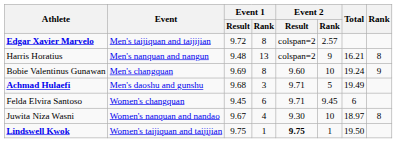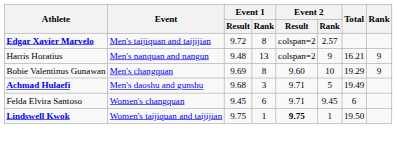 <table class=wikitable style=font-size:90%;text-align:center>
 <tr>
 <th rowspan="2">Athlete</th>
 <th rowspan="2">Event</th>
 <th colspan="2">Event 1</th>
 <th colspan="2">Event 2</th>
 <th rowspan="2">Total</th>
 <th rowspan="2">Rank</th>
 </tr>
 <tr style="font-size:95%">
 <th>Result</th>
 <th>Rank</th>
 <th>Result</th>
 <th>Rank</th>
 </tr>
 <tr>
 <td align=left><strong><a href='#'>Edgar Xavier Marvelo</a></strong></td>
 <td align=left><a href='#'>Men's taijiquan and taijijian</a></td>
 <td>9.72</td>
 <td>8</td>
 <td>colspan=2 </td>
 <td>2.57</td>
 <td></td>
 </tr>
 <tr>
 <td align=left>Harris Horatius</td>
 <td align=left><a href='#'>Men's nanquan and nangun</a></td>
 <td>9.48</td>
 <td>13</td>
 <td>colspan=2 </td>
 <td>9</td>
 <td>16.21</td>
-<td>8</td>
+<td>9</td>
 </tr>
 <tr>
 <td align=left>Bobie Valentinus Gunawan</td>
 <td align=left><a href='#'>Men's changquan</a></td>
 <td>9.69</td>
 <td>8</td>
 <td>9.60</td>
 <td>10</td>
-<td>19.24</td>
+<td>19.29</td>
 <td>9</td>
 </tr>
 <tr>
 <td align=left><strong><a href='#'>Achmad Hulaefi</a></strong></td>
 <td align=left><a href='#'>Men's daoshu and gunshu</a></td>
 <td>9.68</td>
 <td>3</td>
 <td>9.71</td>
 <td>5</td>
 <td>19.49</td>
 <td></td>
 </tr>
 <tr>
 <td align=left>Felda Elvira Santoso</td>
 <td align=left><a href='#'>Women's changquan</a></td>
 <td>9.45</td>
 <td>6</td>
 <td>9.71</td>
 <td>9.45</td>
 <td>6</td>
 </tr>
 <tr>
-<td align=left>Juwita Niza Wasni</td>
-<td align=left><a href='#'>Women's nanquan and nandao</a></td>
-<td>9.67</td>
-<td>4</td>
-<td>9.30</td>
-<td>10</td>
-<td>18.97</td>
-<td>8</td>
-</tr>
-<tr>
 <td align=left><strong><a href='#'>Lindswell Kwok</a></strong></td>
 <td align=left><a href='#'>Women's taijiquan and taijijian</a></td>
 <td>9.75</td>
 <td>1</td>
 <td><strong>9.75</strong></td>
 <td>1</td>
 <td>19.50</td>
 <td></td>
 </tr>
 </table>
